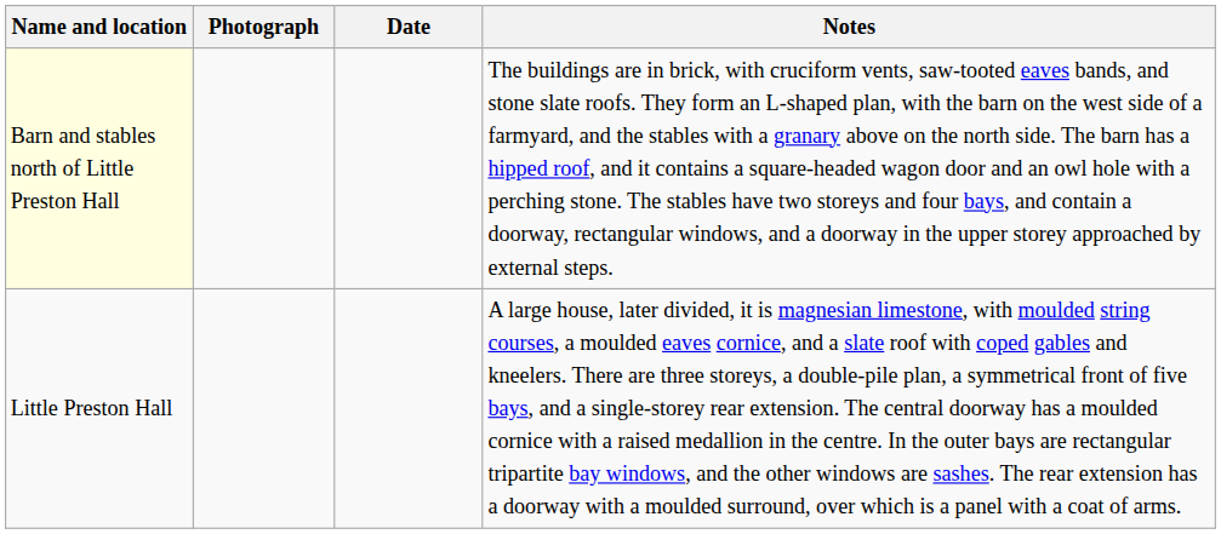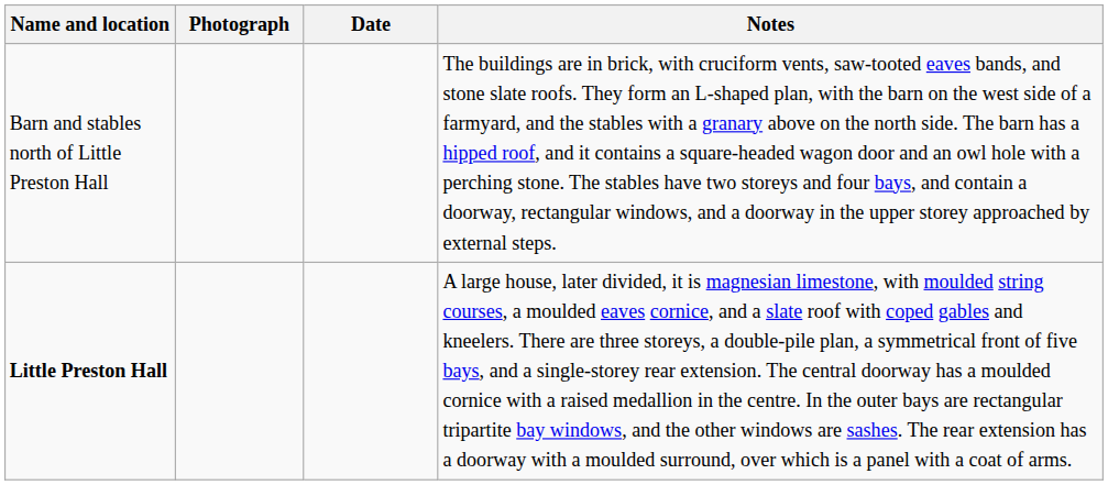 <table class="wikitable sortable plainrowheaders" style="width:100%;border:0px;text-align:left;line-height:150%;">
 <tr>
 <th scope="col"  style="width:150px">Name and location</th>
 <th scope="col"  style="width:100px" class="unsortable">Photograph</th>
 <th scope="col"  style="width:120px">Date</th>
 <th scope="col"  style="width:650px" class="unsortable">Notes</th>
 </tr>
 <tr>
-<td style="background: lightyellow;">Barn and stables north of Little Preston Hall<br><small></small></td>
+<td>Barn and stables north of Little Preston Hall<br><small></small></td>
 <td></td>
 <td align="center"></td>
 <td>The buildings are in brick, with cruciform vents, saw-tooted <a href='#'>eaves</a> bands, and stone slate roofs.  They form an L-shaped plan, with the barn on the west side of a farmyard, and the stables with a <a href='#'>granary</a> above on the north side.  The barn has a <a href='#'>hipped roof</a>, and it contains a square-headed wagon door and an owl hole with a perching stone.  The stables have two storeys and four <a href='#'>bays</a>, and contain a doorway, rectangular windows, and a doorway in the upper storey approached by external steps.</td>
 </tr>
 <tr>
-<td>Little Preston Hall<br><small></small></td>
+<td><strong>Little Preston Hall<br><small></small></strong></td>
 <td></td>
 <td align="center"></td>
 <td>A large house, later divided, it is <a href='#'>magnesian limestone</a>, with <a href='#'>moulded</a> <a href='#'>string courses</a>, a moulded <a href='#'>eaves</a> <a href='#'>cornice</a>, and a <a href='#'>slate</a> roof with <a href='#'>coped</a> <a href='#'>gables</a> and kneelers.  There are three storeys, a double-pile plan, a symmetrical front of five <a href='#'>bays</a>, and a single-storey rear extension.  The central doorway has a moulded cornice with a raised medallion in the centre.  In the outer bays are rectangular tripartite <a href='#'>bay windows</a>, and the other windows are <a href='#'>sashes</a>.  The rear extension has a doorway with a moulded surround, over which is a panel with a coat of arms.</td>
 </tr>
 <tr>
 </tr>
 </table>
